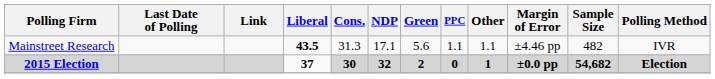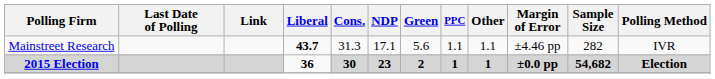 <table class="wikitable sortable" style="text-align:center;font-size:90%;line-height:14px;">
 <tr style="background:#e9e9e9;">
 <th style="width:120px">Polling Firm</th>
 <th style="width:110px">Last Date<br>of Polling</th>
 <th style="width:60px" class="unsortable">Link</th>
 <th style="background-color:"><strong><a href='#'>Liberal</a></strong></th>
 <th style="background-color:"><strong><a href='#'>Cons.</a></strong></th>
 <th style="background-color:"><strong><a href='#'>NDP</a></strong></th>
 <th style="background-color:"><strong><a href='#'>Green</a></strong></th>
 <th style="background-color:"><strong><small><a href='#'>PPC</a></small></strong></th>
 <th style="background-color:"><strong>Other</strong></th>
 <th style="width:60px;" class=unsortable>Margin<br>of Error</th>
 <th style="width:50px;" class=unsortable>Sample<br>Size</th>
 <th class=unsortable>Polling Method</th>
 </tr>
 <tr>
 <td><a href='#'>Mainstreet Research</a></td>
 <td></td>
 <td></td>
-<td><strong>43.5</strong></td>
+<td><strong>43.7</strong></td>
 <td>31.3</td>
 <td>17.1</td>
 <td>5.6</td>
 <td>1.1</td>
 <td>1.1</td>
 <td>±4.46 pp</td>
-<td>482</td>
+<td>282</td>
 <td>IVR</td>
 </tr>
 <tr>
 <td style="background:#D5D5D5"><strong><a href='#'>2015 Election</a></strong></td>
 <td style="background:#D5D5D5"><strong></strong></td>
 <td style="background:#D5D5D5"></td>
-<td><strong>37</strong></td>
+<td><strong>36</strong></td>
 <td style="background:#D5D5D5"><strong>30</strong></td>
-<td style="background:#D5D5D5"><strong>32</strong></td>
+<td style="background:#D5D5D5"><strong>23</strong></td>
 <td style="background:#D5D5D5"><strong>2</strong></td>
-<td style="background:#D5D5D5"><strong>0</strong></td>
+<td style="background:#D5D5D5"><strong>1</strong></td>
 <td style="background:#D5D5D5"><strong>1</strong></td>
 <td style="background:#D5D5D5"><strong>±0.0 pp</strong></td>
 <td style="background:#D5D5D5"><strong>54,682</strong></td>
 <td style="background:#D5D5D5"><strong>Election</strong></td>
 </tr>
 <tr>
 </tr>
 <tr>
 </tr>
 </table>
